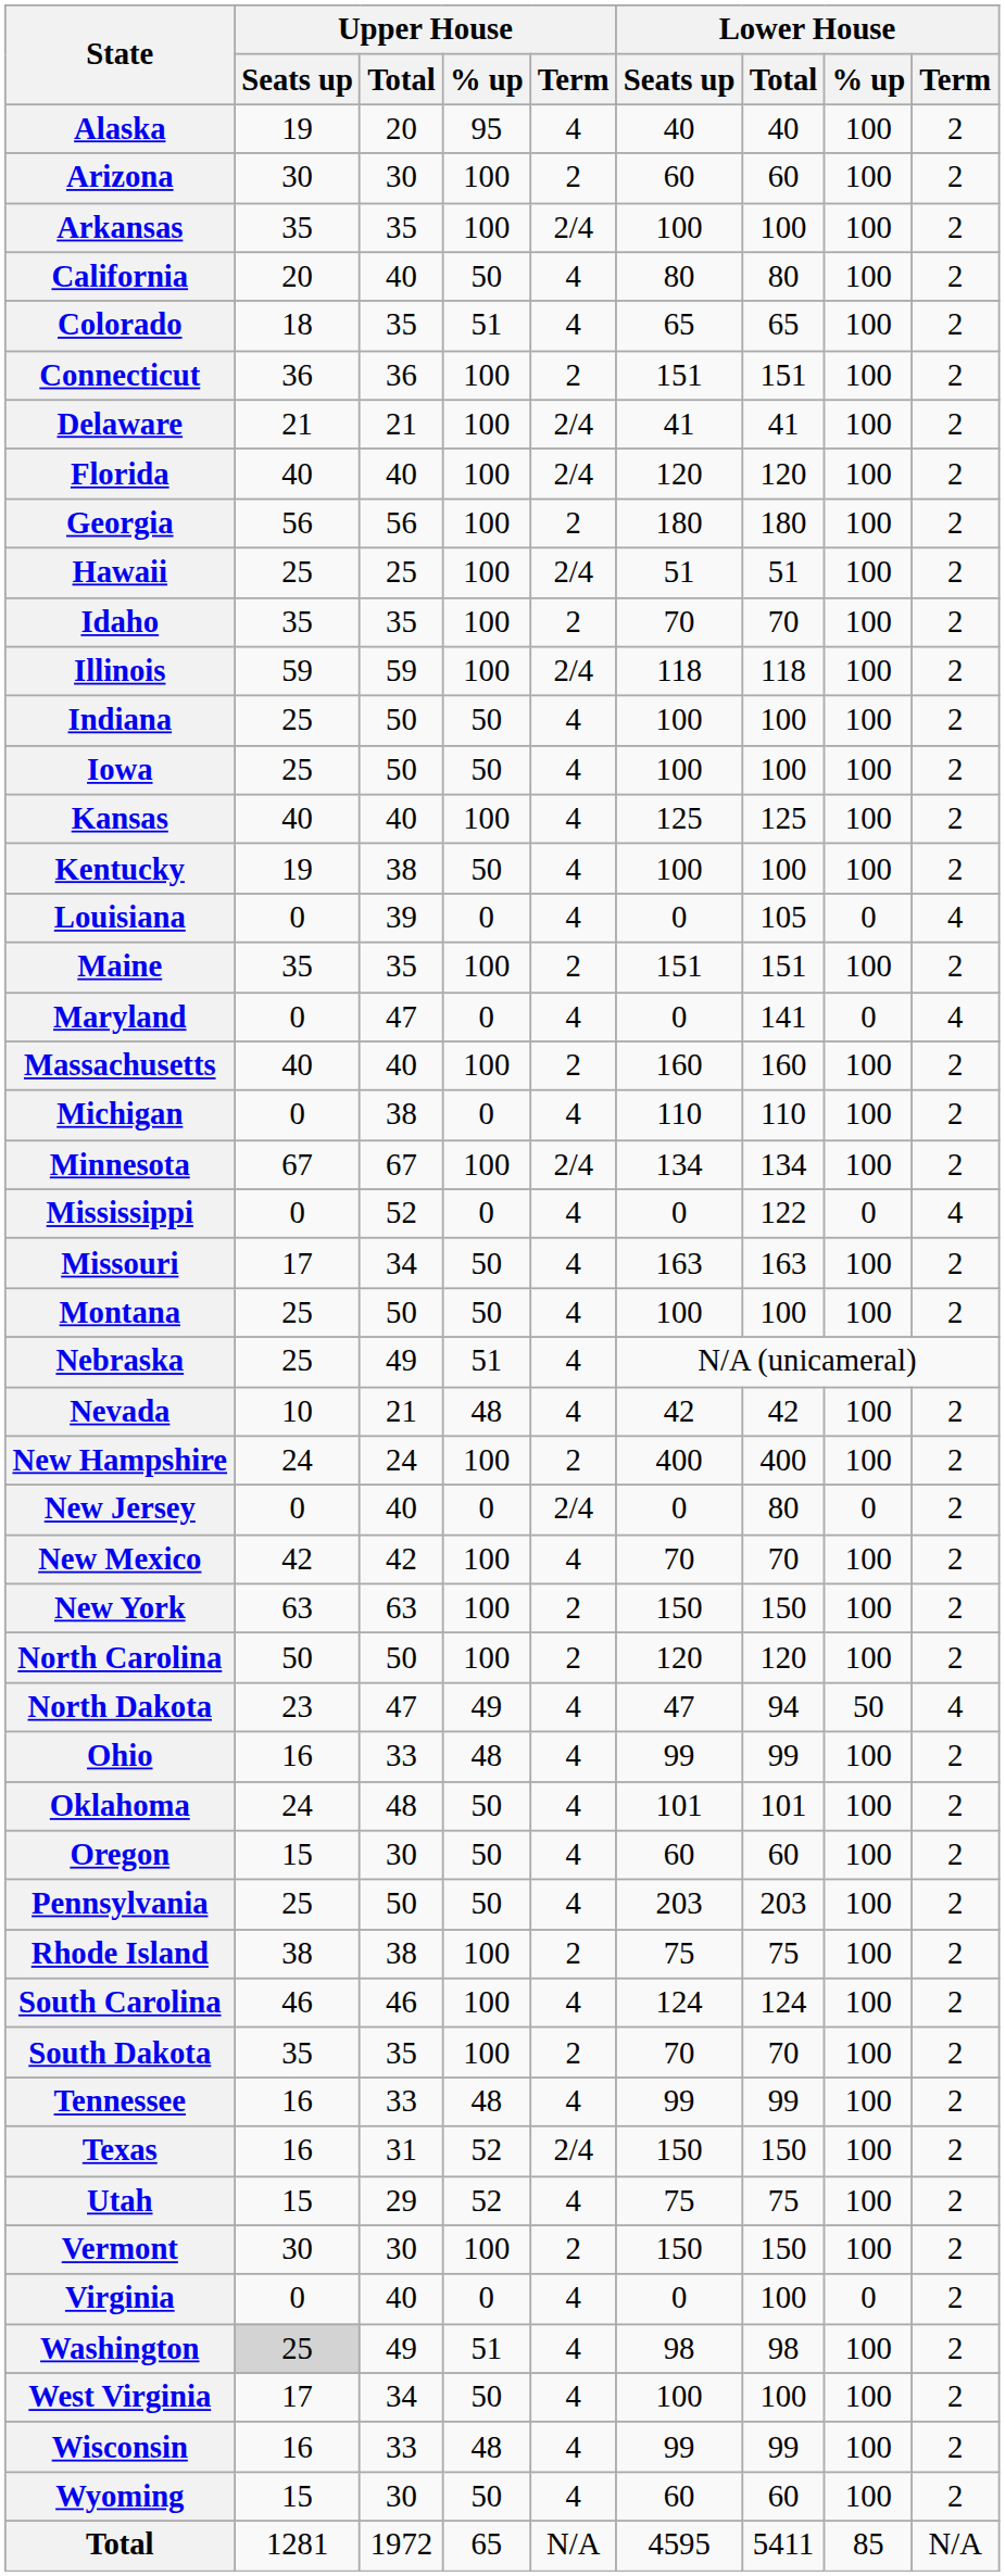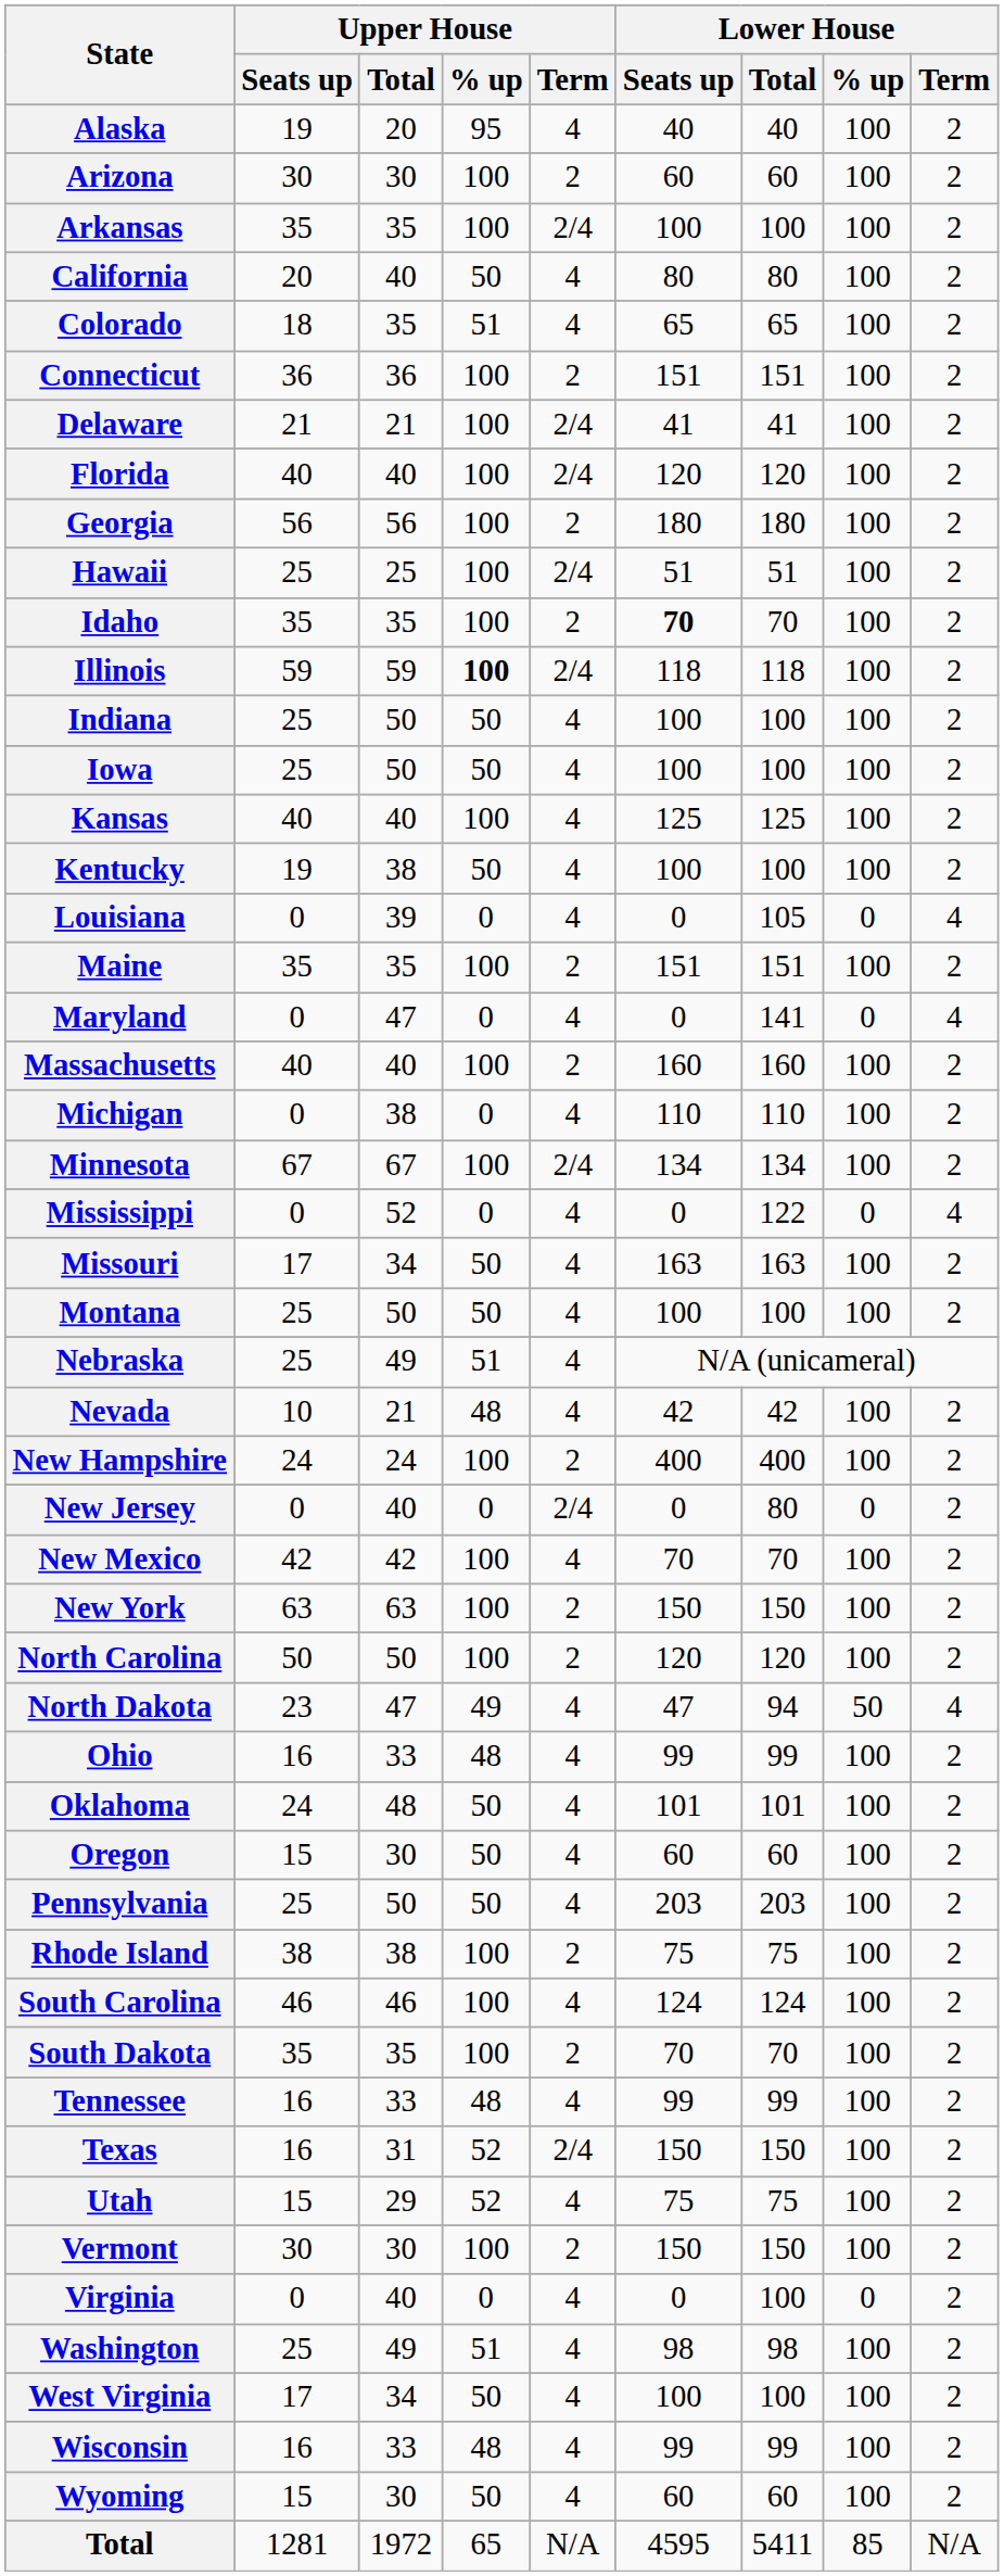 <table class="wikitable sortable plainrowheaders" style="text-align: center;">
 <tr>
 <th rowspan=2>State</th>
 <th colspan=4>Upper House</th>
 <th colspan=4>Lower House</th>
 </tr>
 <tr>
 <th>Seats up</th>
 <th>Total</th>
 <th>% up</th>
 <th>Term</th>
 <th>Seats up</th>
 <th>Total</th>
 <th>% up</th>
 <th>Term</th>
 </tr>
 <tr>
 <th scope="row"><a href='#'>Alaska</a></th>
 <td>19</td>
 <td>20</td>
 <td>95</td>
 <td>4</td>
 <td>40</td>
 <td>40</td>
 <td>100</td>
 <td>2</td>
 </tr>
 <tr>
 <th scope="row"><a href='#'>Arizona</a></th>
 <td>30</td>
 <td>30</td>
 <td>100</td>
 <td>2</td>
 <td>60</td>
 <td>60</td>
 <td>100</td>
 <td>2</td>
 </tr>
 <tr>
 <th scope="row"><a href='#'>Arkansas</a></th>
 <td>35</td>
 <td>35</td>
 <td>100</td>
 <td>2/4</td>
 <td>100</td>
 <td>100</td>
 <td>100</td>
 <td>2</td>
 </tr>
 <tr>
 <th scope="row"><a href='#'>California</a></th>
 <td>20</td>
 <td>40</td>
 <td>50</td>
 <td>4</td>
 <td>80</td>
 <td>80</td>
 <td>100</td>
 <td>2</td>
 </tr>
 <tr>
 <th scope="row"><a href='#'>Colorado</a></th>
 <td>18</td>
 <td>35</td>
 <td>51</td>
 <td>4</td>
 <td>65</td>
 <td>65</td>
 <td>100</td>
 <td>2</td>
 </tr>
 <tr>
 <th scope="row"><a href='#'>Connecticut</a></th>
 <td>36</td>
 <td>36</td>
 <td>100</td>
 <td>2</td>
 <td>151</td>
 <td>151</td>
 <td>100</td>
 <td>2</td>
 </tr>
 <tr>
 <th scope="row"><a href='#'>Delaware</a></th>
 <td>21</td>
 <td>21</td>
 <td>100</td>
 <td>2/4</td>
 <td>41</td>
 <td>41</td>
 <td>100</td>
 <td>2</td>
 </tr>
 <tr>
 <th scope="row"><a href='#'>Florida</a></th>
 <td>40</td>
 <td>40</td>
 <td>100</td>
 <td>2/4</td>
 <td>120</td>
 <td>120</td>
 <td>100</td>
 <td>2</td>
 </tr>
 <tr>
 <th scope="row"><a href='#'>Georgia</a></th>
 <td>56</td>
 <td>56</td>
 <td>100</td>
 <td>2</td>
 <td>180</td>
 <td>180</td>
 <td>100</td>
 <td>2</td>
 </tr>
 <tr>
 <th scope="row"><a href='#'>Hawaii</a></th>
 <td>25</td>
 <td>25</td>
 <td>100</td>
 <td>2/4</td>
 <td>51</td>
 <td>51</td>
 <td>100</td>
 <td>2</td>
 </tr>
 <tr>
 <th scope="row"><a href='#'>Idaho</a></th>
 <td>35</td>
 <td>35</td>
 <td>100</td>
 <td>2</td>
-<td>70</td>
+<td><strong>70</strong></td>
 <td>70</td>
 <td>100</td>
 <td>2</td>
 </tr>
 <tr>
 <th scope="row"><a href='#'>Illinois</a></th>
 <td>59</td>
 <td>59</td>
-<td>100</td>
+<td><strong>100</strong></td>
 <td>2/4</td>
 <td>118</td>
 <td>118</td>
 <td>100</td>
 <td>2</td>
 </tr>
 <tr>
 <th scope="row"><a href='#'>Indiana</a></th>
 <td>25</td>
 <td>50</td>
 <td>50</td>
 <td>4</td>
 <td>100</td>
 <td>100</td>
 <td>100</td>
 <td>2</td>
 </tr>
 <tr>
 <th scope="row"><a href='#'>Iowa</a></th>
 <td>25</td>
 <td>50</td>
 <td>50</td>
 <td>4</td>
 <td>100</td>
 <td>100</td>
 <td>100</td>
 <td>2</td>
 </tr>
 <tr>
 <th scope="row"><a href='#'>Kansas</a></th>
 <td>40</td>
 <td>40</td>
 <td>100</td>
 <td>4</td>
 <td>125</td>
 <td>125</td>
 <td>100</td>
 <td>2</td>
 </tr>
 <tr>
 <th scope="row"><a href='#'>Kentucky</a></th>
 <td>19</td>
 <td>38</td>
 <td>50</td>
 <td>4</td>
 <td>100</td>
 <td>100</td>
 <td>100</td>
 <td>2</td>
 </tr>
 <tr>
 <th scope="row"><a href='#'>Louisiana</a></th>
 <td>0</td>
 <td>39</td>
 <td>0</td>
 <td>4</td>
 <td>0</td>
 <td>105</td>
 <td>0</td>
 <td>4</td>
 </tr>
 <tr>
 <th scope="row"><a href='#'>Maine</a></th>
 <td>35</td>
 <td>35</td>
 <td>100</td>
 <td>2</td>
 <td>151</td>
 <td>151</td>
 <td>100</td>
 <td>2</td>
 </tr>
 <tr>
 <th scope="row"><a href='#'>Maryland</a></th>
 <td>0</td>
 <td>47</td>
 <td>0</td>
 <td>4</td>
 <td>0</td>
 <td>141</td>
 <td>0</td>
 <td>4</td>
 </tr>
 <tr>
 <th scope="row"><a href='#'>Massachusetts</a></th>
 <td>40</td>
 <td>40</td>
 <td>100</td>
 <td>2</td>
 <td>160</td>
 <td>160</td>
 <td>100</td>
 <td>2</td>
 </tr>
 <tr>
 <th scope="row"><a href='#'>Michigan</a></th>
 <td>0</td>
 <td>38</td>
 <td>0</td>
 <td>4</td>
 <td>110</td>
 <td>110</td>
 <td>100</td>
 <td>2</td>
 </tr>
 <tr>
 <th scope="row"><a href='#'>Minnesota</a></th>
 <td>67</td>
 <td>67</td>
 <td>100</td>
 <td>2/4</td>
 <td>134</td>
 <td>134</td>
 <td>100</td>
 <td>2</td>
 </tr>
 <tr>
 <th scope="row"><a href='#'>Mississippi</a></th>
 <td>0</td>
 <td>52</td>
 <td>0</td>
 <td>4</td>
 <td>0</td>
 <td>122</td>
 <td>0</td>
 <td>4</td>
 </tr>
 <tr>
 <th scope="row"><a href='#'>Missouri</a></th>
 <td>17</td>
 <td>34</td>
 <td>50</td>
 <td>4</td>
 <td>163</td>
 <td>163</td>
 <td>100</td>
 <td>2</td>
 </tr>
 <tr>
 <th scope="row"><a href='#'>Montana</a></th>
 <td>25</td>
 <td>50</td>
 <td>50</td>
 <td>4</td>
 <td>100</td>
 <td>100</td>
 <td>100</td>
 <td>2</td>
 </tr>
 <tr>
 <th scope="row"><a href='#'>Nebraska</a></th>
 <td>25</td>
 <td>49</td>
 <td>51</td>
 <td>4</td>
 <td colspan=4>N/A (unicameral)</td>
 </tr>
 <tr>
 <th scope="row"><a href='#'>Nevada</a></th>
 <td>10</td>
 <td>21</td>
 <td>48</td>
 <td>4</td>
 <td>42</td>
 <td>42</td>
 <td>100</td>
 <td>2</td>
 </tr>
 <tr>
 <th scope="row"><a href='#'>New Hampshire</a></th>
 <td>24</td>
 <td>24</td>
 <td>100</td>
 <td>2</td>
 <td>400</td>
 <td>400</td>
 <td>100</td>
 <td>2</td>
 </tr>
 <tr>
 <th scope="row"><a href='#'>New Jersey</a></th>
 <td>0</td>
 <td>40</td>
 <td>0</td>
 <td>2/4</td>
 <td>0</td>
 <td>80</td>
 <td>0</td>
 <td>2</td>
 </tr>
 <tr>
 <th scope="row"><a href='#'>New Mexico</a></th>
 <td>42</td>
 <td>42</td>
 <td>100</td>
 <td>4</td>
 <td>70</td>
 <td>70</td>
 <td>100</td>
 <td>2</td>
 </tr>
 <tr>
 <th scope="row"><a href='#'>New York</a></th>
 <td>63</td>
 <td>63</td>
 <td>100</td>
 <td>2</td>
 <td>150</td>
 <td>150</td>
 <td>100</td>
 <td>2</td>
 </tr>
 <tr>
 <th scope="row"><a href='#'>North Carolina</a></th>
 <td>50</td>
 <td>50</td>
 <td>100</td>
 <td>2</td>
 <td>120</td>
 <td>120</td>
 <td>100</td>
 <td>2</td>
 </tr>
 <tr>
 <th scope="row"><a href='#'>North Dakota</a></th>
 <td>23</td>
 <td>47</td>
 <td>49</td>
 <td>4</td>
 <td>47</td>
 <td>94</td>
 <td>50</td>
 <td>4</td>
 </tr>
 <tr>
 <th scope="row"><a href='#'>Ohio</a></th>
 <td>16</td>
 <td>33</td>
 <td>48</td>
 <td>4</td>
 <td>99</td>
 <td>99</td>
 <td>100</td>
 <td>2</td>
 </tr>
 <tr>
 <th scope="row"><a href='#'>Oklahoma</a></th>
 <td>24</td>
 <td>48</td>
 <td>50</td>
 <td>4</td>
 <td>101</td>
 <td>101</td>
 <td>100</td>
 <td>2</td>
 </tr>
 <tr>
 <th scope="row"><a href='#'>Oregon</a></th>
 <td>15</td>
 <td>30</td>
 <td>50</td>
 <td>4</td>
 <td>60</td>
 <td>60</td>
 <td>100</td>
 <td>2</td>
 </tr>
 <tr>
 <th scope="row"><a href='#'>Pennsylvania</a></th>
 <td>25</td>
 <td>50</td>
 <td>50</td>
 <td>4</td>
 <td>203</td>
 <td>203</td>
 <td>100</td>
 <td>2</td>
 </tr>
 <tr>
 <th scope="row"><a href='#'>Rhode Island</a></th>
 <td>38</td>
 <td>38</td>
 <td>100</td>
 <td>2</td>
 <td>75</td>
 <td>75</td>
 <td>100</td>
 <td>2</td>
 </tr>
 <tr>
 <th scope="row"><a href='#'>South Carolina</a></th>
 <td>46</td>
 <td>46</td>
 <td>100</td>
 <td>4</td>
 <td>124</td>
 <td>124</td>
 <td>100</td>
 <td>2</td>
 </tr>
 <tr>
 <th scope="row"><a href='#'>South Dakota</a></th>
 <td>35</td>
 <td>35</td>
 <td>100</td>
 <td>2</td>
 <td>70</td>
 <td>70</td>
 <td>100</td>
 <td>2</td>
 </tr>
 <tr>
 <th scope="row"><a href='#'>Tennessee</a></th>
 <td>16</td>
 <td>33</td>
 <td>48</td>
 <td>4</td>
 <td>99</td>
 <td>99</td>
 <td>100</td>
 <td>2</td>
 </tr>
 <tr>
 <th scope="row"><a href='#'>Texas</a></th>
 <td>16</td>
 <td>31</td>
 <td>52</td>
 <td>2/4</td>
 <td>150</td>
 <td>150</td>
 <td>100</td>
 <td>2</td>
 </tr>
 <tr>
 <th scope="row"><a href='#'>Utah</a></th>
 <td>15</td>
 <td>29</td>
 <td>52</td>
 <td>4</td>
 <td>75</td>
 <td>75</td>
 <td>100</td>
 <td>2</td>
 </tr>
 <tr>
 <th scope="row"><a href='#'>Vermont</a></th>
 <td>30</td>
 <td>30</td>
 <td>100</td>
 <td>2</td>
 <td>150</td>
 <td>150</td>
 <td>100</td>
 <td>2</td>
 </tr>
 <tr>
 <th scope="row"><a href='#'>Virginia</a></th>
 <td>0</td>
 <td>40</td>
 <td>0</td>
 <td>4</td>
 <td>0</td>
 <td>100</td>
 <td>0</td>
 <td>2</td>
 </tr>
 <tr>
 <th scope="row"><a href='#'>Washington</a></th>
-<td style="background: lightgrey;">25</td>
+<td>25</td>
 <td>49</td>
 <td>51</td>
 <td>4</td>
 <td>98</td>
 <td>98</td>
 <td>100</td>
 <td>2</td>
 </tr>
 <tr>
 <th scope="row"><a href='#'>West Virginia</a></th>
 <td>17</td>
 <td>34</td>
 <td>50</td>
 <td>4</td>
 <td>100</td>
 <td>100</td>
 <td>100</td>
 <td>2</td>
 </tr>
 <tr>
 <th scope="row"><a href='#'>Wisconsin</a></th>
 <td>16</td>
 <td>33</td>
 <td>48</td>
 <td>4</td>
 <td>99</td>
 <td>99</td>
 <td>100</td>
 <td>2</td>
 </tr>
 <tr>
 <th scope="row"><a href='#'>Wyoming</a></th>
 <td>15</td>
 <td>30</td>
 <td>50</td>
 <td>4</td>
 <td>60</td>
 <td>60</td>
 <td>100</td>
 <td>2</td>
 </tr>
 <tr class="sortbottom" |>
 <th scope="row">Total</th>
 <td>1281</td>
 <td>1972</td>
 <td>65</td>
 <td>N/A</td>
 <td>4595</td>
 <td>5411</td>
 <td>85</td>
 <td>N/A</td>
 </tr>
 </table>
